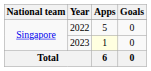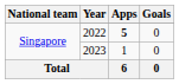 <table class="wikitable" style="text-align:center">
 <tr>
 <th>National team</th>
 <th>Year</th>
 <th>Apps</th>
 <th>Goals</th>
 </tr>
 <tr>
 <td rowspan="3"><a href='#'>Singapore</a></td>
 </tr>
 <tr>
 <td>2022</td>
-<td>5</td>
+<td><strong>5</strong></td>
 <td>0</td>
 </tr>
 <tr>
 <td>2023</td>
-<td style="background: lightyellow;">1</td>
+<td>1</td>
 <td>0</td>
 </tr>
 <tr>
 <th colspan="2">Total</th>
 <th>6</th>
 <th>0</th>
 </tr>
 </table>
